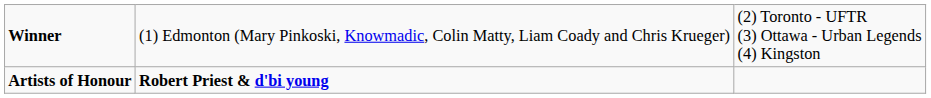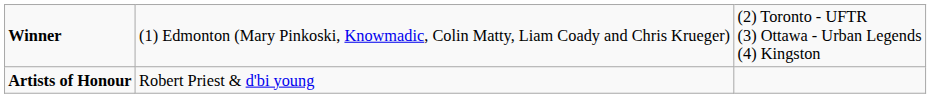 <table class="wikitable">
 <tr>
 <td><strong>Winner</strong></td>
 <td>(1) Edmonton (Mary Pinkoski, <a href='#'>Knowmadic</a>, Colin Matty, Liam Coady and Chris Krueger)</td>
 <td>(2) Toronto - UFTR<br>(3) Ottawa - Urban Legends<br>(4) Kingston</td>
 </tr>
 <tr>
 <td><strong>Artists of Honour</strong></td>
-<td><strong>Robert Priest & <a href='#'>d'bi young</a></strong></td>
+<td>Robert Priest & <a href='#'>d'bi young</a></td>
 </tr>
 </table>
